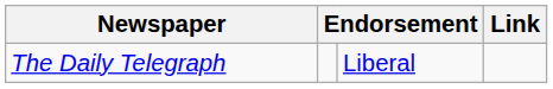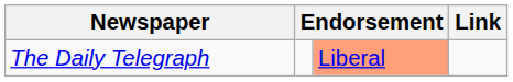 <table class="wikitable">
 <tr>
 <th style="width:200px;">Newspaper</th>
 <th colspan=2>Endorsement</th>
 <th style="width:35px;">Link</th>
 </tr>
 <tr>
 <td><em><a href='#'>The Daily Telegraph</a></em></td>
 <td></td>
-<td><a href='#'>Liberal</a></td>
+<td style="background: lightsalmon;"><a href='#'>Liberal</a></td>
 <td></td>
 </tr>
 </table>
